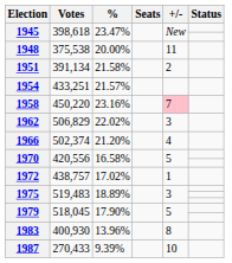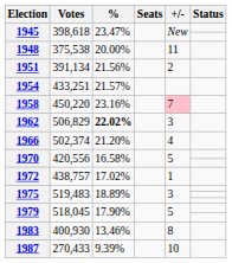 <table class="wikitable">
 <tr>
 <th>Election</th>
 <th>Votes</th>
 <th>%</th>
 <th>Seats</th>
 <th>+/-</th>
 <th>Status</th>
 </tr>
 <tr>
 <th rowspan=2><a href='#'>1945</a></th>
 <td rowspan=2>398,618</td>
 <td rowspan=2>23.47%</td>
 <td rowspan=2></td>
 <td rowspan=2><em>New</em></td>
 <td></td>
 </tr>
 <tr>
 <td></td>
 </tr>
 <tr>
 <th><a href='#'>1948</a></th>
 <td>375,538</td>
 <td>20.00%</td>
 <td></td>
 <td>11</td>
 <td></td>
 </tr>
 <tr>
 <th><a href='#'>1951</a></th>
 <td>391,134</td>
-<td>21.58%</td>
+<td>21.56%</td>
 <td></td>
 <td>2</td>
 <td></td>
 </tr>
 <tr>
 <th><a href='#'>1954</a></th>
 <td>433,251</td>
 <td>21.57%</td>
 <td></td>
 <td></td>
 <td></td>
 </tr>
 <tr>
 <th><a href='#'>1958</a></th>
 <td>450,220</td>
 <td>23.16%</td>
 <td></td>
 <td style="background: pink;">7</td>
 <td></td>
 </tr>
 <tr>
 <th><a href='#'>1962</a></th>
 <td>506,829</td>
-<td>22.02%</td>
+<td><strong>22.02%</strong></td>
 <td></td>
 <td>3</td>
 <td></td>
 </tr>
 <tr>
 <th><a href='#'>1966</a></th>
 <td>502,374</td>
 <td>21.20%</td>
 <td></td>
 <td>4</td>
 <td></td>
 </tr>
 <tr>
 <th rowspan=2><a href='#'>1970</a></th>
 <td rowspan=2>420,556</td>
 <td rowspan=2>16.58%</td>
 <td rowspan=2></td>
 <td rowspan=2>5</td>
 <td></td>
 </tr>
 <tr>
 <td></td>
 </tr>
 <tr>
 <th><a href='#'>1972</a></th>
 <td>438,757</td>
 <td>17.02%</td>
 <td></td>
 <td>1</td>
 <td></td>
 </tr>
 <tr>
 <th rowspan=3><a href='#'>1975</a></th>
 <td rowspan=3>519,483</td>
 <td rowspan=3>18.89%</td>
 <td rowspan=3></td>
 <td rowspan=3>3</td>
 <td></td>
 </tr>
 <tr>
 <td></td>
 </tr>
 <tr>
 <td></td>
 </tr>
 <tr>
 <th rowspan=2><a href='#'>1979</a></th>
 <td rowspan=2>518,045</td>
 <td rowspan=2>17.90%</td>
 <td rowspan=2></td>
 <td rowspan=2>5</td>
 <td></td>
 </tr>
 <tr>
 <td></td>
 </tr>
 <tr>
 <th><a href='#'>1983</a></th>
 <td>400,930</td>
-<td>13.96%</td>
+<td>13.46%</td>
 <td></td>
 <td>8</td>
 <td></td>
 </tr>
 <tr>
 <th><a href='#'>1987</a></th>
 <td>270,433</td>
 <td>9.39%</td>
 <td></td>
 <td>10</td>
 <td></td>
 </tr>
 </table>
